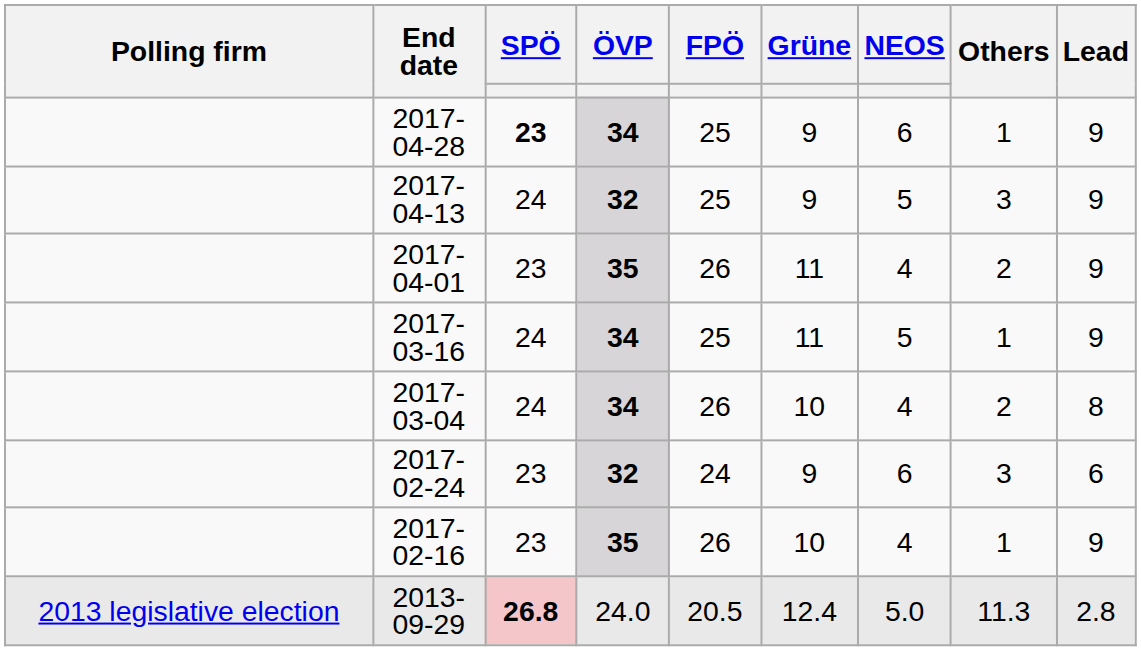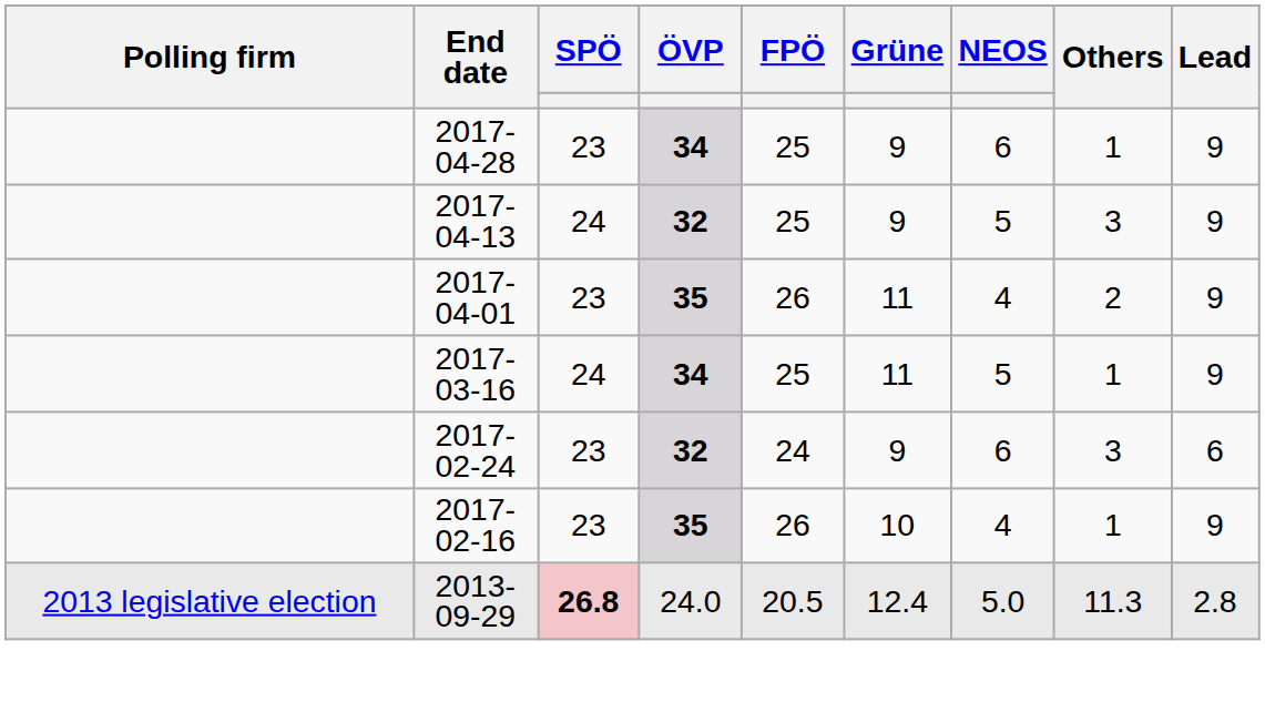 <table class="wikitable sortable" style="text-align:center;font-size:90%;line-height:14px;">
 <tr style="height:40px;">
 <th style="width:180px;" rowspan="2">Polling firm</th>
 <th style="width:50px;" rowspan="2">End date</th>
 <th class="unsortable" style="width:40px;"><a href='#'>SPÖ</a></th>
 <th class="unsortable" style="width:40px;"><a href='#'>ÖVP</a></th>
 <th class="unsortable" style="width:40px;"><a href='#'>FPÖ</a></th>
 <th class="unsortable" style="width:40px;"><a href='#'>Grüne</a></th>
 <th class="unsortable" style="width:40px;"><a href='#'>NEOS</a></th>
 <th class="unsortable" style="width:40px;" rowspan="2">Others</th>
 <th style="width:30px;" rowspan="2">Lead</th>
 </tr>
 <tr>
 <th style="background:"></th>
 <th style="background:"></th>
 <th style="background:"></th>
 <th style="background:"></th>
 <th style="background:"></th>
 </tr>
 <tr>
 <td></td>
 <td>2017-04-28</td>
-<td><strong>23</strong></td>
+<td>23</td>
 <td style="background:#D7D5D7;"><strong>34</strong></td>
 <td>25</td>
 <td>9</td>
 <td>6</td>
 <td>1</td>
 <td style="background:">9</td>
 </tr>
 <tr>
 <td></td>
 <td>2017-04-13</td>
 <td>24</td>
 <td style="background:#D7D5D7;"><strong>32</strong></td>
 <td>25</td>
 <td>9</td>
 <td>5</td>
 <td>3</td>
 <td style="background:">9</td>
 </tr>
 <tr>
 <td></td>
 <td>2017-04-01</td>
 <td>23</td>
 <td style="background:#D7D5D7;"><strong>35</strong></td>
 <td>26</td>
 <td>11</td>
 <td>4</td>
 <td>2</td>
 <td style="background:">9</td>
 </tr>
 <tr>
 <td></td>
 <td>2017-03-16</td>
 <td>24</td>
 <td style="background:#D7D5D7;"><strong>34</strong></td>
 <td>25</td>
 <td>11</td>
 <td>5</td>
 <td>1</td>
 <td style="background:">9</td>
 </tr>
 <tr>
 <td></td>
-<td>2017-03-04</td>
-<td>24</td>
-<td style="background:#D7D5D7;"><strong>34</strong></td>
-<td>26</td>
-<td>10</td>
-<td>4</td>
-<td>2</td>
-<td style="background:">8</td>
-</tr>
-<tr>
-<td></td>
 <td>2017-02-24</td>
 <td>23</td>
 <td style="background:#D7D5D7;"><strong>32</strong></td>
 <td>24</td>
 <td>9</td>
 <td>6</td>
 <td>3</td>
 <td style="background:">6</td>
 </tr>
 <tr>
 <td></td>
 <td>2017-02-16</td>
 <td>23</td>
 <td style="background:#D7D5D7;"><strong>35</strong></td>
 <td>26</td>
 <td>10</td>
 <td>4</td>
 <td>1</td>
 <td style="background:">9</td>
 </tr>
 <tr style="background-color:#E9E9E9;">
 <td><a href='#'>2013 legislative election</a></td>
 <td>2013-09-29</td>
 <td style="background:#F4C6C9;"><strong>26.8</strong></td>
 <td>24.0</td>
 <td>20.5</td>
 <td>12.4</td>
 <td>5.0</td>
 <td>11.3</td>
 <td style="background:">2.8</td>
 </tr>
 </table>
